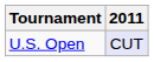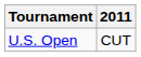 <table class="wikitable" style="font-size:95%;text-align:center;">
 <tr>
 <th>Tournament</th>
 <th>2011</th>
 </tr>
 <tr>
 <td align=left><a href='#'>U.S. Open</a></td>
-<td style="background: lavender;">CUT</td>
+<td>CUT</td>
 </tr>
 </table>
